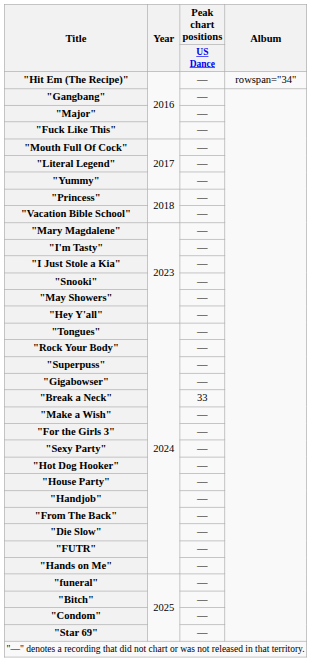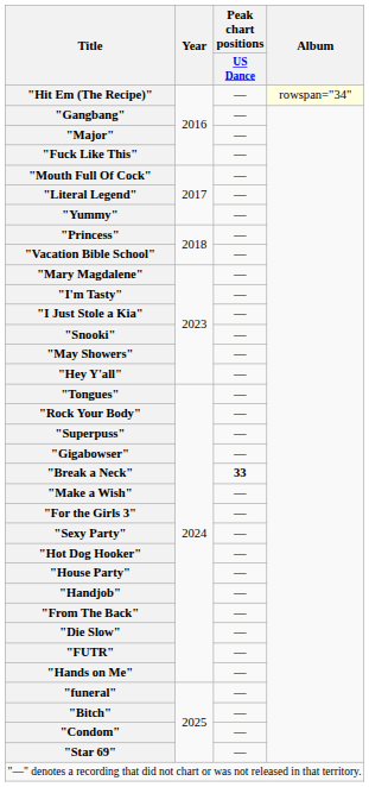 <table class="wikitable plainrowheaders" style="text-align:center;">
 <tr>
 <th scope="col" rowspan="2">Title</th>
 <th scope="col" rowspan="2">Year</th>
 <th scope="col" colspan="1">Peak chart positions</th>
 <th rowspan="2">Album</th>
 </tr>
 <tr>
 <th scope="col" style="width:3em;font-size:90%;"><a href='#'>US<br>Dance</a><br></th>
 </tr>
 <tr>
 <th scope="row">"Hit Em (The Recipe)"</th>
 <td rowspan="4">2016</td>
 <td>—</td>
-<td>rowspan="34" </td>
+<td style="background: lightyellow;">rowspan="34" </td>
 </tr>
 <tr>
 <th scope="row">"Gangbang"</th>
 <td>—</td>
 </tr>
 <tr>
 <th scope="row">"Major"</th>
 <td>—</td>
 </tr>
 <tr>
 <th scope="row">"Fuck Like This"<br></th>
 <td>—</td>
 </tr>
 <tr>
 <th scope="row">"Mouth Full Of Cock"</th>
 <td rowspan="3">2017</td>
 <td>—</td>
 </tr>
 <tr>
 <th scope="row">"Literal Legend"</th>
 <td>—</td>
 </tr>
 <tr>
 <th scope="row">"Yummy"</th>
 <td>—</td>
 </tr>
 <tr>
 <th scope="row">"Princess"<br></th>
 <td rowspan="2">2018</td>
 <td>—</td>
 </tr>
 <tr>
 <th scope="row">"Vacation Bible School"</th>
 <td>—</td>
 </tr>
 <tr>
 <th scope="row">"Mary Magdalene"</th>
 <td rowspan="6">2023</td>
 <td>—</td>
 </tr>
 <tr>
 <th scope="row">"I'm Tasty"<br></th>
 <td>—</td>
 </tr>
 <tr>
 <th scope="row">"I Just Stole a Kia"</th>
 <td>—</td>
 </tr>
 <tr>
 <th scope="row">"Snooki"</th>
 <td>—</td>
 </tr>
 <tr>
 <th scope="row">"May Showers"</th>
 <td>—</td>
 </tr>
 <tr>
 <th scope="row">"Hey Y'all"</th>
 <td>—</td>
 </tr>
 <tr>
 <th scope="row">"Tongues"<br></th>
 <td rowspan="15">2024</td>
 <td>—</td>
 </tr>
 <tr>
 <th scope="row">"Rock Your Body"<br></th>
 <td>—</td>
 </tr>
 <tr>
 <th scope="row">"Superpuss"</th>
 <td>—</td>
 </tr>
 <tr>
 <th scope="row">"Gigabowser"<br></th>
 <td>—</td>
 </tr>
 <tr>
 <th scope="row">"Break a Neck"<br></th>
-<td>33</td>
+<td><strong>33</strong></td>
 </tr>
 <tr>
 <th scope="row">"Make a Wish"<br></th>
 <td>—</td>
 </tr>
 <tr>
 <th scope="row">"For the Girls 3"</th>
 <td>—</td>
 </tr>
 <tr>
 <th scope="row">"Sexy Party"</th>
 <td>—</td>
 </tr>
 <tr>
 <th scope="row">"Hot Dog Hooker"</th>
 <td>—</td>
 </tr>
 <tr>
 <th scope="row">"House Party"</th>
 <td>—</td>
 </tr>
 <tr>
 <th scope="row">"Handjob"<br></th>
 <td>—</td>
 </tr>
 <tr>
 <th scope="row">"From The Back"</th>
 <td>—</td>
 </tr>
 <tr>
 <th scope="row">"Die Slow"<br></th>
 <td>—</td>
 </tr>
 <tr>
 <th scope="row">"FUTR"<br></th>
 <td>—</td>
 </tr>
 <tr>
 <th scope="row">"Hands on Me"</th>
 <td>—</td>
 </tr>
 <tr>
 <th scope="row">"funeral"</th>
 <td rowspan="4">2025</td>
 <td>—</td>
 </tr>
 <tr>
 <th scope="row">"Bitch"</th>
 <td>—</td>
 </tr>
 <tr>
 <th scope="row">"Condom"</th>
 <td>—</td>
 </tr>
 <tr>
 <th scope="row">"Star 69"</th>
 <td>—</td>
 </tr>
 <tr>
 <td colspan="4" style="font-size:90%">"—" denotes a recording that did not chart or was not released in that territory.</td>
 </tr>
 </table>
